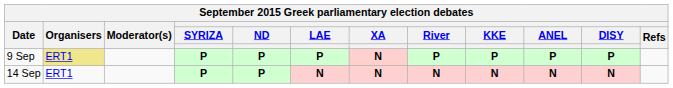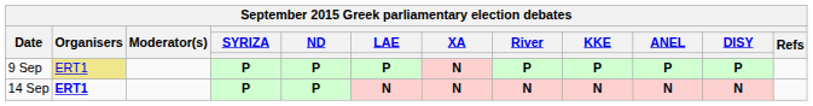 <table class="wikitable" style="font-size:98%; text-align:center;">
 <tr>
 <th colspan="23">September 2015 Greek parliamentary election debates</th>
 </tr>
 <tr>
 <th rowspan="3">Date</th>
 <th rowspan="3">Organisers</th>
 <th rowspan="3">Moderator(s)</th>
 <th colspan="19">      </th>
 </tr>
 <tr>
 <th scope="col" style="width:5em;"><a href='#'>SYRIZA</a><br></th>
 <th scope="col" style="width:5em;"><a href='#'>ND</a><br></th>
 <th scope="col" style="width:5em;"><a href='#'>LAE</a><br></th>
 <th scope="col" style="width:5em;"><a href='#'>XA</a><br></th>
 <th scope="col" style="width:5em;"><a href='#'>River</a><br></th>
 <th scope="col" style="width:5em;"><a href='#'>KKE</a><br></th>
 <th scope="col" style="width:5em;"><a href='#'>ANEL</a><br></th>
 <th scope="col" style="width:5em;"><a href='#'>DISY</a><br></th>
 <th rowspan="2">Refs</th>
 </tr>
 <tr>
 <th style="color:inherit;background:"></th>
 <th style="color:inherit;background:"></th>
 <th style="color:inherit;background:"></th>
 <th style="color:inherit;background:"></th>
 <th style="color:inherit;background:"></th>
 <th style="color:inherit;background:"></th>
 <th style="color:inherit;background:"></th>
 <th style="color:inherit;background:"></th>
 </tr>
 <tr>
 <td style="white-space:nowrap; text-align:left;">9 Sep</td>
 <td style="background: khaki; white-space:nowrap; text-align:left;"><a href='#'>ERT1</a></td>
 <td style="white-space:nowrap; text-align:left;"></td>
 <td style="background:#D0FFD0;"><strong>P</strong></td>
 <td style="background:#D0FFD0;"><strong>P</strong></td>
 <td style="background:#D0FFD0;"><strong>P</strong></td>
 <td style="background:#FFD0D0;"><strong>N</strong></td>
 <td style="background:#D0FFD0;"><strong>P</strong></td>
 <td style="background:#D0FFD0;"><strong>P</strong></td>
 <td style="background:#D0FFD0;"><strong>P</strong></td>
 <td style="background:#D0FFD0;"><strong>P</strong></td>
 <td></td>
 </tr>
 <tr>
 <td style="white-space:nowrap; text-align:left;">14 Sep</td>
-<td style="white-space:nowrap; text-align:left;"><a href='#'>ERT1</a></td>
+<td style="white-space:nowrap; text-align:left;"><strong><a href='#'>ERT1</a></strong></td>
 <td style="white-space:nowrap; text-align:left;"></td>
 <td style="background:#D0FFD0;"><strong>P</strong></td>
 <td style="background:#D0FFD0;"><strong>P</strong></td>
 <td style="background:#FFD0D0;"><strong>N</strong></td>
 <td style="background:#FFD0D0;"><strong>N</strong></td>
 <td style="background:#FFD0D0;"><strong>N</strong></td>
 <td style="background:#FFD0D0;"><strong>N</strong></td>
 <td style="background:#FFD0D0;"><strong>N</strong></td>
 <td style="background:#FFD0D0;"><strong>N</strong></td>
 <td></td>
 </tr>
 </table>
